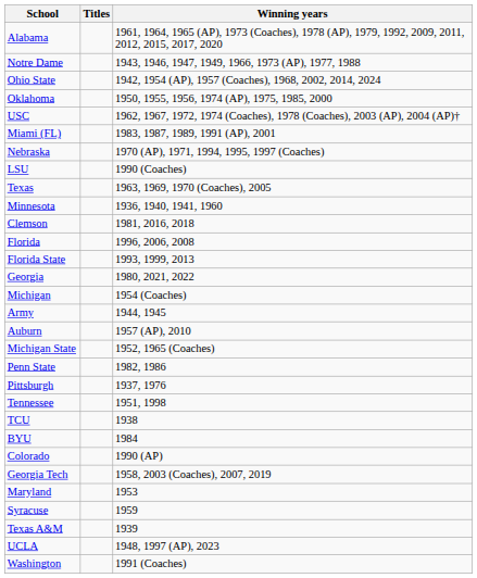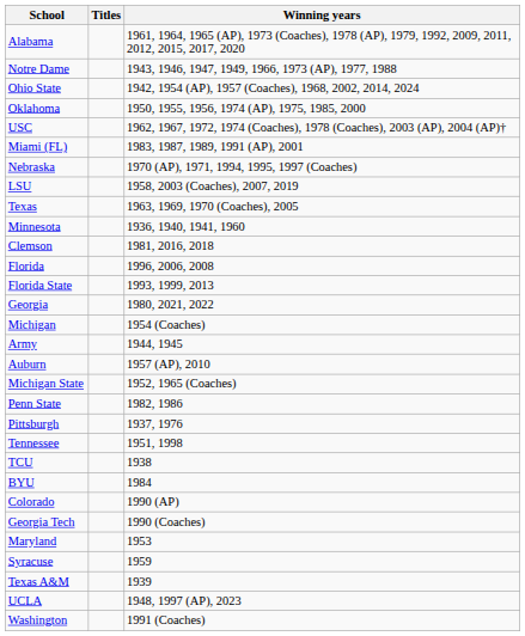 <table class="wikitable sortable" style="width:75%">
 <tr>
 <th width=100px>School</th>
 <th width=px>Titles</th>
 <th width=px>Winning years</th>
 </tr>
 <tr>
 <td><a href='#'>Alabama</a></td>
 <td></td>
 <td>1961, 1964, 1965 (AP), 1973 (Coaches), 1978 (AP), 1979, 1992, 2009, 2011, 2012, 2015, 2017, 2020</td>
 </tr>
 <tr>
 <td><a href='#'>Notre Dame</a></td>
 <td></td>
 <td>1943, 1946, 1947, 1949, 1966, 1973 (AP), 1977, 1988</td>
 </tr>
 <tr>
 <td><a href='#'>Ohio State</a></td>
 <td></td>
 <td>1942, 1954 (AP), 1957 (Coaches), 1968, 2002, 2014, 2024</td>
 </tr>
 <tr>
 <td><a href='#'>Oklahoma</a></td>
 <td></td>
 <td>1950, 1955, 1956, 1974 (AP), 1975, 1985, 2000</td>
 </tr>
 <tr>
 <td><a href='#'>USC</a></td>
 <td></td>
 <td>1962, 1967, 1972, 1974 (Coaches), 1978 (Coaches), 2003 (AP), 2004 (AP)†</td>
 </tr>
 <tr>
 <td><a href='#'>Miami (FL)</a></td>
 <td></td>
 <td>1983, 1987, 1989, 1991 (AP), 2001</td>
 </tr>
 <tr>
 <td><a href='#'>Nebraska</a></td>
 <td></td>
 <td>1970 (AP), 1971, 1994, 1995, 1997 (Coaches)</td>
 </tr>
 <tr>
 <td><a href='#'>LSU</a></td>
 <td></td>
-<td>1990 (Coaches)</td>
+<td>1958, 2003 (Coaches), 2007, 2019</td>
 </tr>
 <tr>
 <td><a href='#'>Texas</a></td>
 <td></td>
 <td>1963, 1969, 1970 (Coaches), 2005</td>
 </tr>
 <tr>
 <td><a href='#'>Minnesota</a></td>
 <td></td>
 <td>1936, 1940, 1941, 1960</td>
 </tr>
 <tr>
 <td><a href='#'>Clemson</a></td>
 <td></td>
 <td>1981, 2016, 2018</td>
 </tr>
 <tr>
 <td><a href='#'>Florida</a></td>
 <td></td>
 <td>1996, 2006, 2008</td>
 </tr>
 <tr>
 <td><a href='#'>Florida State</a></td>
 <td></td>
 <td>1993, 1999, 2013</td>
 </tr>
 <tr>
 <td><a href='#'>Georgia</a></td>
 <td></td>
 <td>1980, 2021, 2022</td>
 </tr>
 <tr>
 <td><a href='#'>Michigan</a></td>
 <td></td>
 <td>1954 (Coaches)</td>
 </tr>
 <tr>
 <td><a href='#'>Army</a></td>
 <td></td>
 <td>1944, 1945</td>
 </tr>
 <tr>
 <td><a href='#'>Auburn</a></td>
 <td></td>
 <td>1957 (AP), 2010</td>
 </tr>
 <tr>
 <td><a href='#'>Michigan State</a></td>
 <td></td>
 <td>1952, 1965 (Coaches)</td>
 </tr>
 <tr>
 <td><a href='#'>Penn State</a></td>
 <td></td>
 <td>1982, 1986</td>
 </tr>
 <tr>
 <td><a href='#'>Pittsburgh</a></td>
 <td></td>
 <td>1937, 1976</td>
 </tr>
 <tr>
 <td><a href='#'>Tennessee</a></td>
 <td></td>
 <td>1951, 1998</td>
 </tr>
 <tr>
 <td><a href='#'>TCU</a></td>
 <td></td>
 <td>1938</td>
 </tr>
 <tr>
 <td><a href='#'>BYU</a></td>
 <td></td>
 <td>1984</td>
 </tr>
 <tr>
 <td><a href='#'>Colorado</a></td>
 <td></td>
 <td>1990 (AP)</td>
 </tr>
 <tr>
 <td><a href='#'>Georgia Tech</a></td>
 <td></td>
-<td>1958, 2003 (Coaches), 2007, 2019</td>
+<td>1990 (Coaches)</td>
 </tr>
 <tr>
 <td><a href='#'>Maryland</a></td>
 <td></td>
 <td>1953</td>
 </tr>
 <tr>
 <td><a href='#'>Syracuse</a></td>
 <td></td>
 <td>1959</td>
 </tr>
 <tr>
 <td><a href='#'>Texas A&M</a></td>
 <td></td>
 <td>1939</td>
 </tr>
 <tr>
 <td><a href='#'>UCLA</a></td>
 <td></td>
 <td>1948, 1997 (AP), 2023</td>
 </tr>
 <tr>
 <td><a href='#'>Washington</a></td>
 <td></td>
 <td>1991 (Coaches)</td>
 </tr>
 </table>
